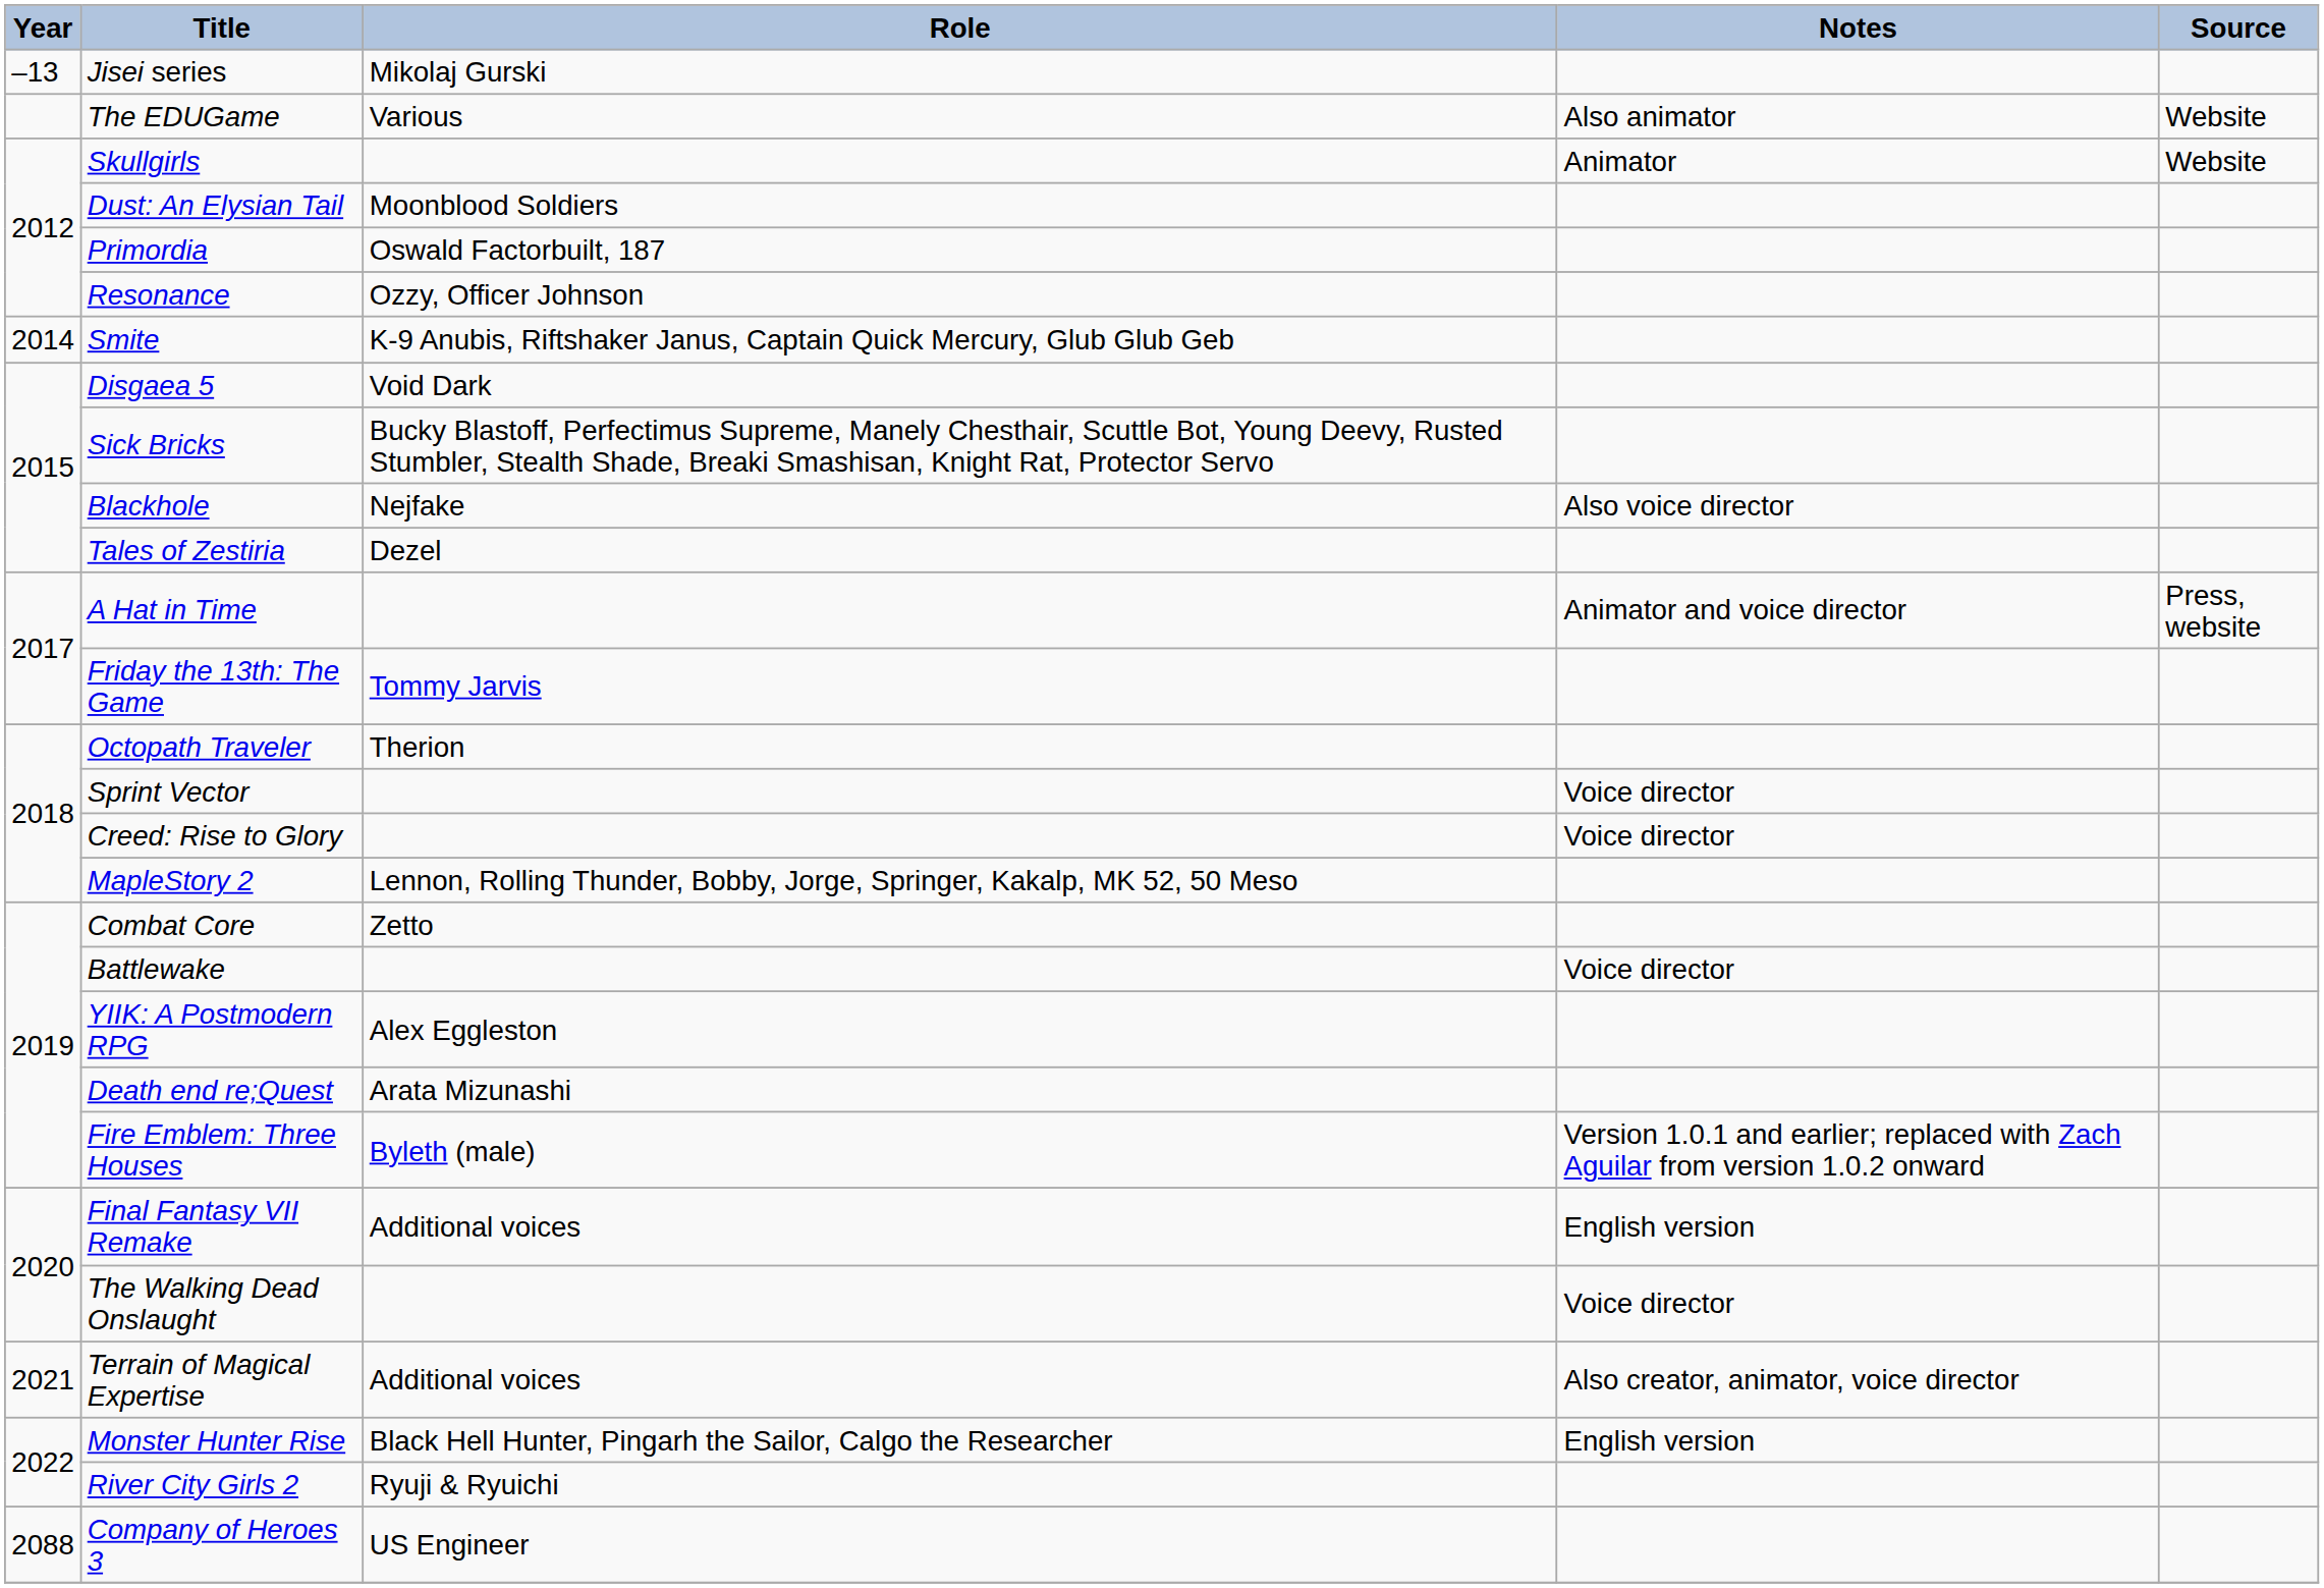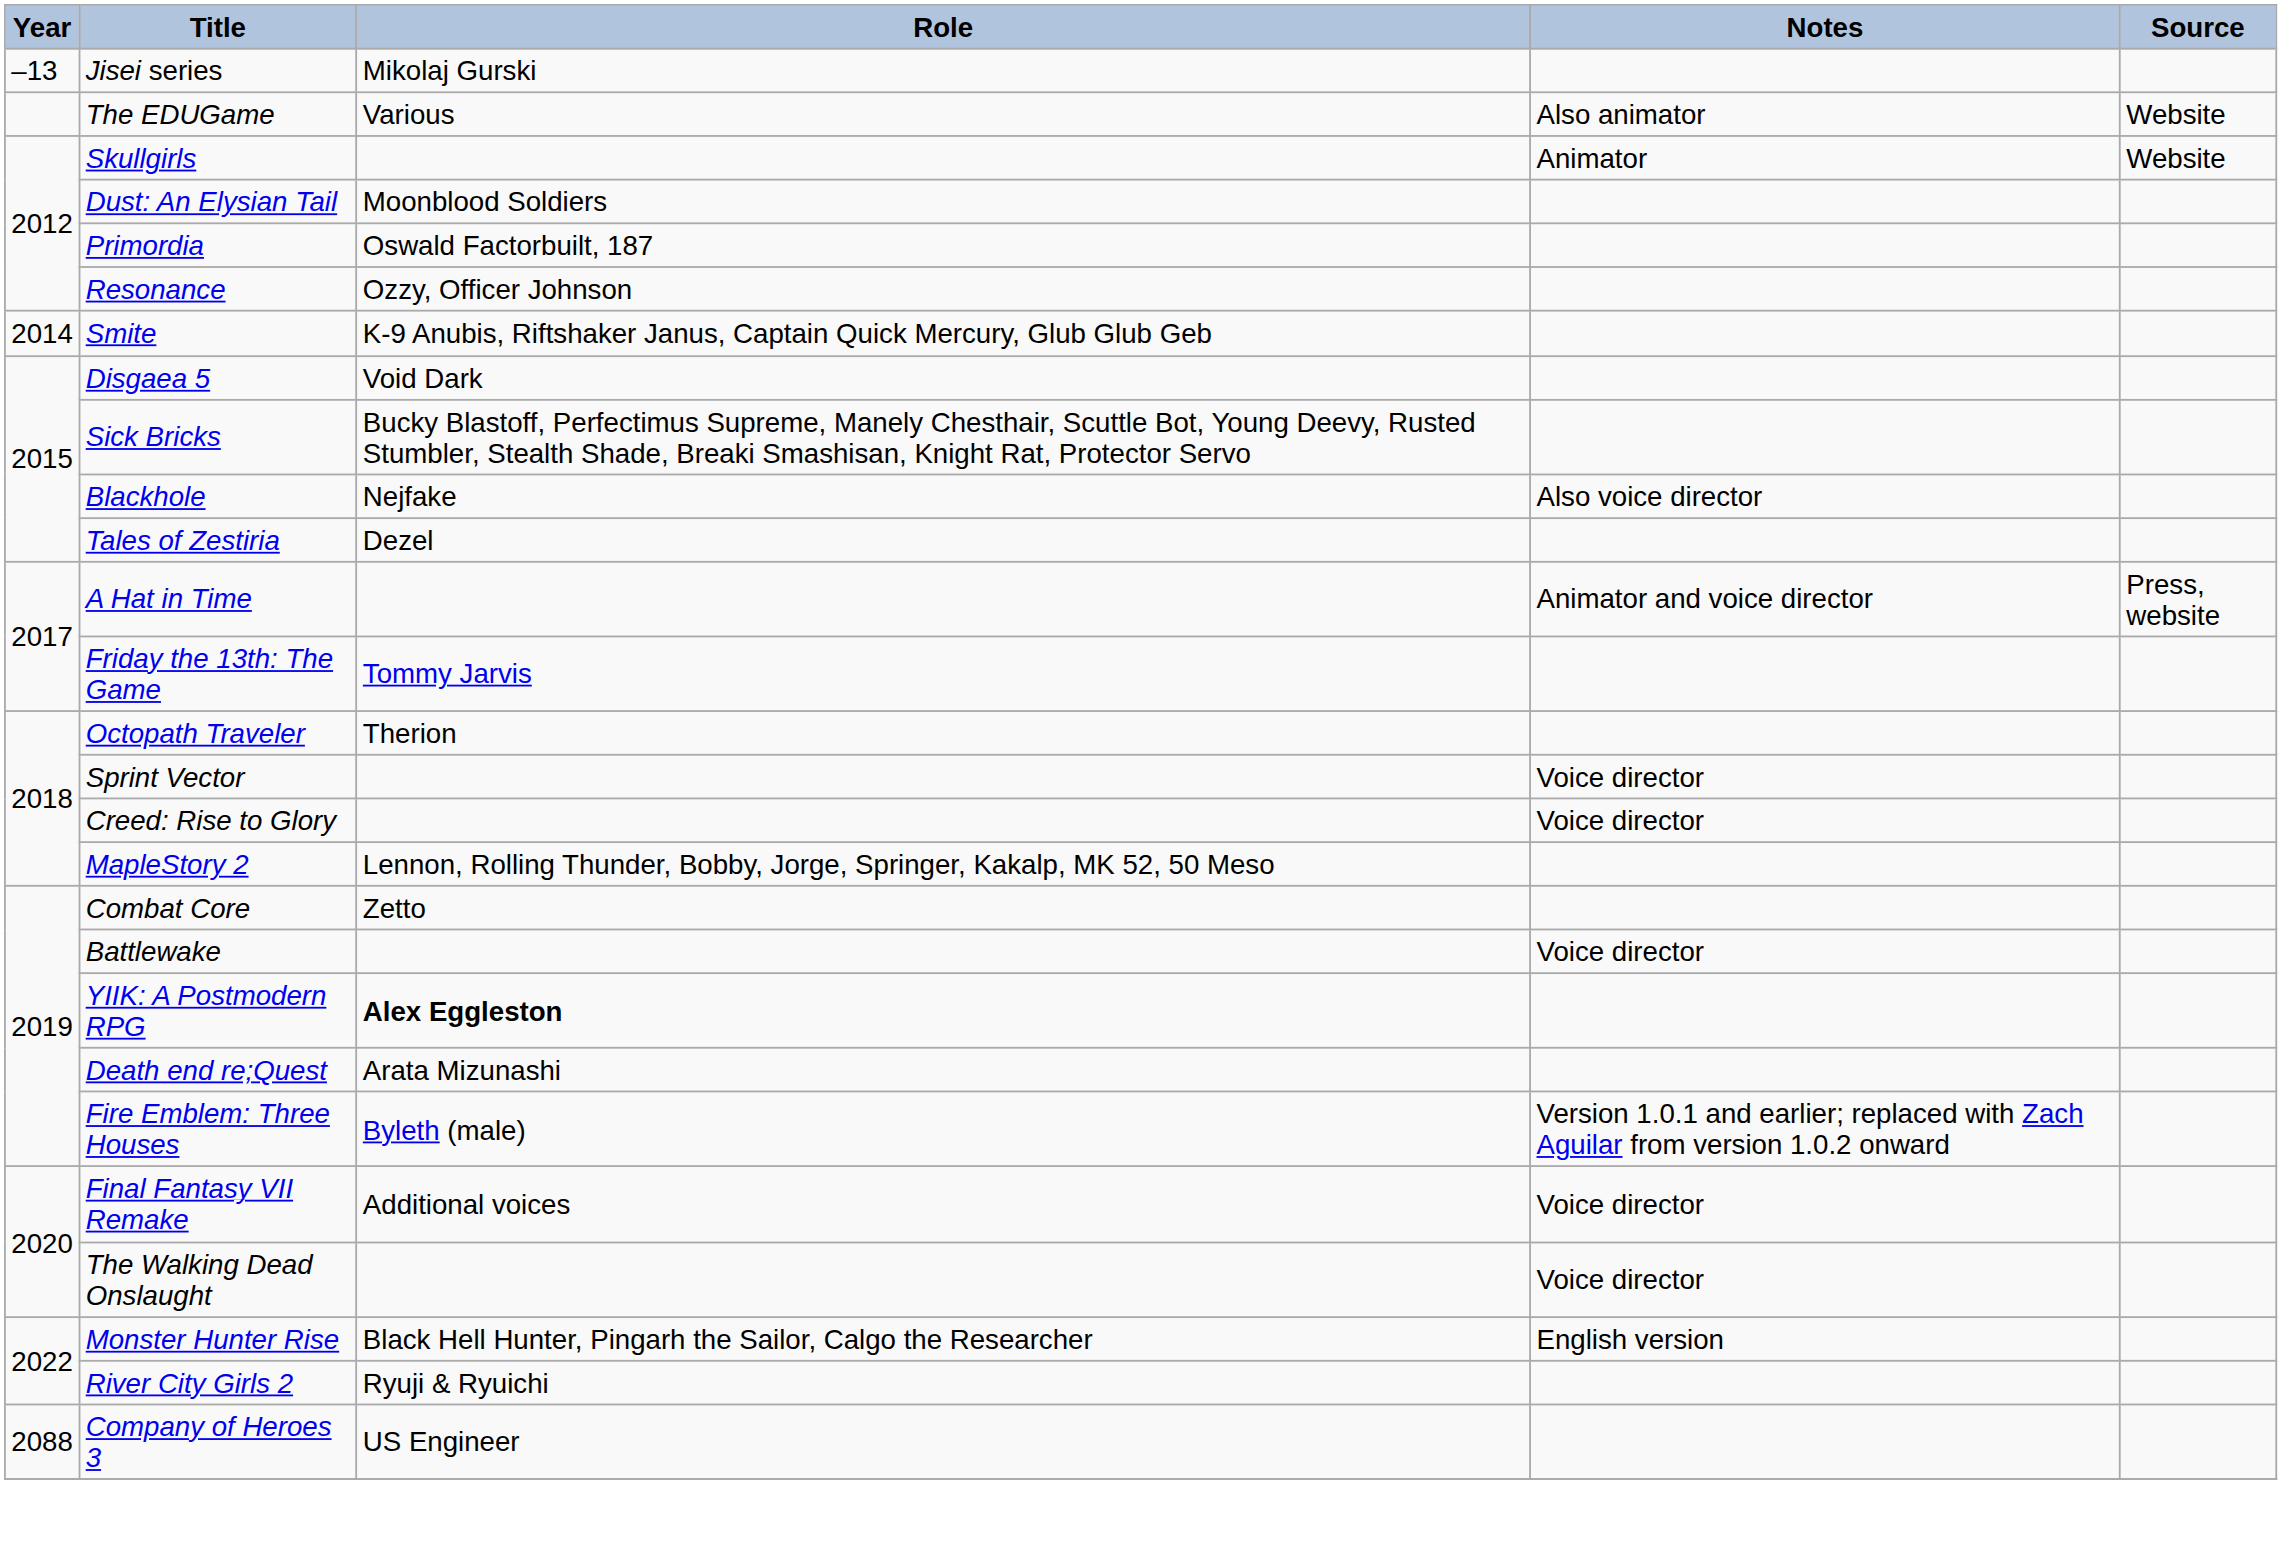 <table class="wikitable sortable plainrowheaders" style="font-size: 95%;">
 <tr>
 <th style="background:#b0c4de; style=width:40px;">Year </th>
 <th style="background:#b0c4de;">Title</th>
 <th style="background:#b0c4de;">Role </th>
 <th style="background:#b0c4de;" class="unsortable">Notes</th>
 <th style="background:#b0c4de;" class="unsortable">Source</th>
 </tr>
 <tr>
 <td>–13</td>
 <td><em>Jisei</em> series</td>
 <td>Mikolaj Gurski</td>
 <td></td>
 <td></td>
 </tr>
 <tr>
 <td></td>
 <td><em>The EDUGame</em></td>
 <td>Various</td>
 <td>Also animator</td>
 <td>Website</td>
 </tr>
 <tr>
 <td rowspan=4>2012</td>
 <td><em><a href='#'>Skullgirls</a></em></td>
 <td></td>
 <td>Animator</td>
 <td>Website</td>
 </tr>
 <tr>
 <td><em><a href='#'>Dust: An Elysian Tail</a></em></td>
 <td>Moonblood Soldiers</td>
 <td></td>
 <td></td>
 </tr>
 <tr>
 <td><em><a href='#'>Primordia</a></em></td>
 <td>Oswald Factorbuilt, 187</td>
 <td></td>
 <td></td>
 </tr>
 <tr>
 <td><em><a href='#'>Resonance</a></em></td>
 <td>Ozzy, Officer Johnson</td>
 <td></td>
 <td></td>
 </tr>
 <tr>
 <td>2014</td>
 <td><em><a href='#'>Smite</a></em></td>
 <td>K-9 Anubis, Riftshaker Janus, Captain Quick Mercury, Glub Glub Geb</td>
 <td></td>
 <td></td>
 </tr>
 <tr>
 <td rowspan=4>2015</td>
 <td><em><a href='#'>Disgaea 5</a></em></td>
 <td>Void Dark</td>
 <td></td>
 <td></td>
 </tr>
 <tr>
 <td><em><a href='#'>Sick Bricks</a></em></td>
 <td>Bucky Blastoff, Perfectimus Supreme, Manely Chesthair, Scuttle Bot, Young Deevy, Rusted Stumbler, Stealth Shade, Breaki Smashisan, Knight Rat, Protector Servo</td>
 <td></td>
 <td></td>
 </tr>
 <tr>
 <td><em><a href='#'>Blackhole</a></em></td>
 <td>Nejfake</td>
 <td>Also voice director</td>
 <td></td>
 </tr>
 <tr>
 <td><em><a href='#'>Tales of Zestiria</a></em></td>
 <td>Dezel</td>
 <td></td>
 <td></td>
 </tr>
 <tr>
 <td rowspan=2>2017</td>
 <td><em><a href='#'>A Hat in Time</a></em></td>
 <td></td>
 <td>Animator and voice director</td>
 <td>Press, website</td>
 </tr>
 <tr>
 <td><em><a href='#'>Friday the 13th: The Game</a></em></td>
 <td><a href='#'>Tommy Jarvis</a></td>
 <td></td>
 <td></td>
 </tr>
 <tr>
 <td rowspan=4>2018</td>
 <td><em><a href='#'>Octopath Traveler</a></em></td>
 <td>Therion</td>
 <td></td>
 <td></td>
 </tr>
 <tr>
 <td><em>Sprint Vector</em></td>
 <td></td>
 <td>Voice director</td>
 <td></td>
 </tr>
 <tr>
 <td><em>Creed: Rise to Glory</em></td>
 <td></td>
 <td>Voice director</td>
 <td></td>
 </tr>
 <tr>
 <td><em><a href='#'>MapleStory 2</a></em></td>
 <td>Lennon, Rolling Thunder, Bobby, Jorge, Springer, Kakalp, MK 52, 50 Meso</td>
 <td></td>
 <td></td>
 </tr>
 <tr>
 <td rowspan=5>2019</td>
 <td><em>Combat Core</em></td>
 <td>Zetto</td>
 <td></td>
 <td></td>
 </tr>
 <tr>
 <td><em>Battlewake</em></td>
 <td></td>
 <td>Voice director</td>
 <td></td>
 </tr>
 <tr>
 <td><em><a href='#'>YIIK: A Postmodern RPG</a></em></td>
-<td>Alex Eggleston</td>
+<td><strong>Alex Eggleston</strong></td>
 <td></td>
 <td></td>
 </tr>
 <tr>
 <td><em><a href='#'>Death end re;Quest</a></em></td>
 <td>Arata Mizunashi</td>
 <td></td>
 <td></td>
 </tr>
 <tr>
 <td><em><a href='#'>Fire Emblem: Three Houses</a></em></td>
 <td><a href='#'>Byleth</a> (male)</td>
 <td>Version 1.0.1 and earlier; replaced with <a href='#'>Zach Aguilar</a> from version 1.0.2 onward</td>
 <td></td>
 </tr>
 <tr>
 <td rowspan=2>2020</td>
 <td><em><a href='#'>Final Fantasy VII Remake</a></em></td>
 <td>Additional voices</td>
-<td>English version</td>
+<td>Voice director</td>
 <td></td>
 </tr>
 <tr>
 <td><em>The Walking Dead Onslaught</em></td>
 <td></td>
 <td>Voice director</td>
-<td></td>
-</tr>
-<tr>
-<td>2021</td>
-<td><em>Terrain of Magical Expertise</em></td>
-<td>Additional voices</td>
-<td>Also creator, animator, voice director</td>
 <td></td>
 </tr>
 <tr>
 <td rowspan=2>2022</td>
 <td><em><a href='#'>Monster Hunter Rise</a></em></td>
 <td>Black Hell Hunter, Pingarh the Sailor, Calgo the Researcher</td>
 <td>English version</td>
 <td></td>
 </tr>
 <tr>
 <td><em><a href='#'>River City Girls 2</a></em></td>
 <td>Ryuji & Ryuichi</td>
 <td></td>
 <td></td>
 </tr>
 <tr>
 <td>2088</td>
 <td><em><a href='#'>Company of Heroes 3</a></em></td>
 <td>US Engineer</td>
 <td></td>
 <td></td>
 </tr>
 <tr>
 </tr>
 </table>
